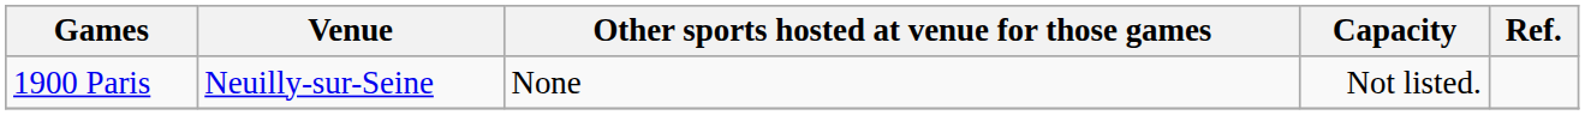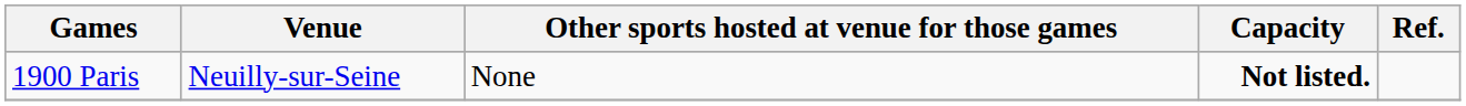 <table class="wikitable sortable" width=780px>
 <tr>
 <th>Games</th>
 <th>Venue</th>
 <th>Other sports hosted at venue for those games</th>
 <th>Capacity</th>
 <th>Ref.</th>
 </tr>
 <tr>
 <td><a href='#'>1900 Paris</a></td>
 <td><a href='#'>Neuilly-sur-Seine</a></td>
 <td>None</td>
-<td align=right>Not listed.</td>
+<td align=right><strong>Not listed.</strong></td>
 <td align=center></td>
 </tr>
 <tr>
 </tr>
 </table>
